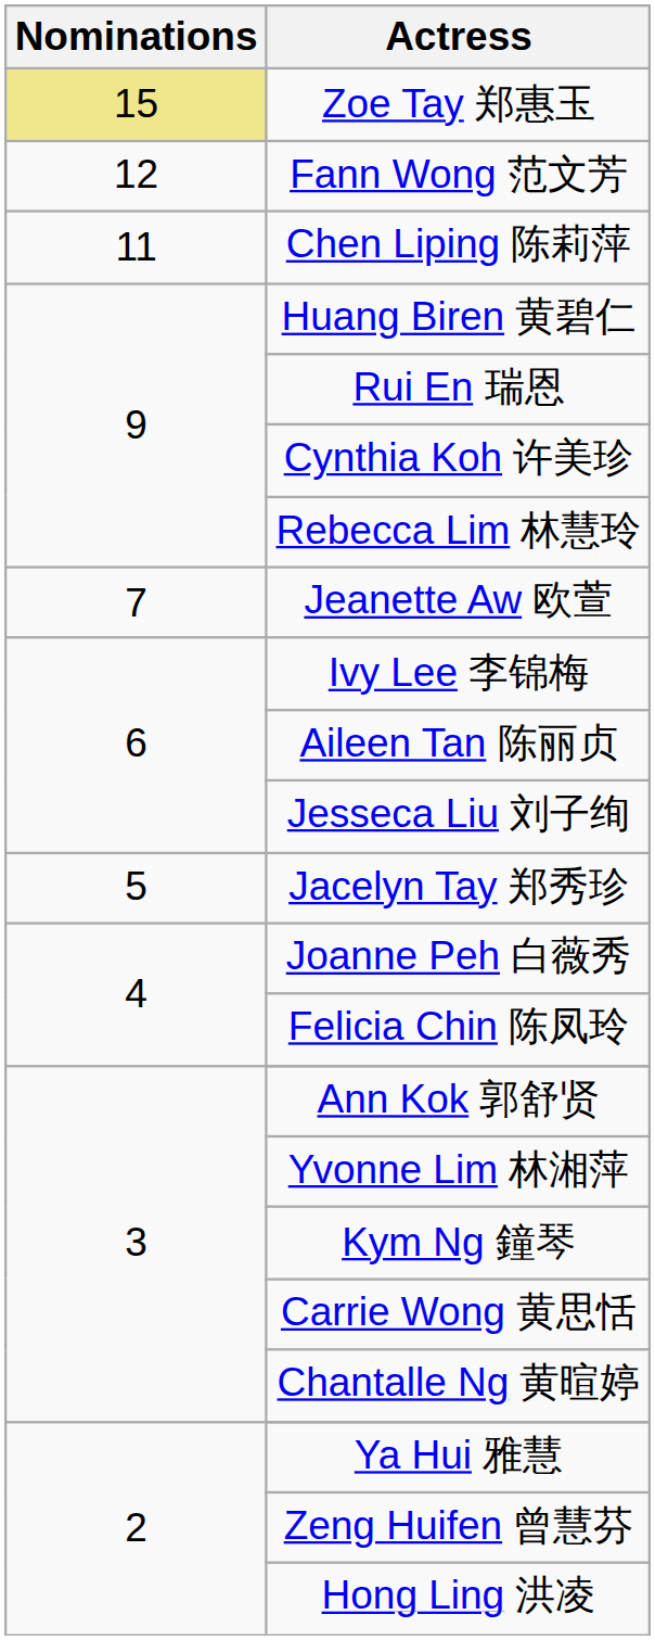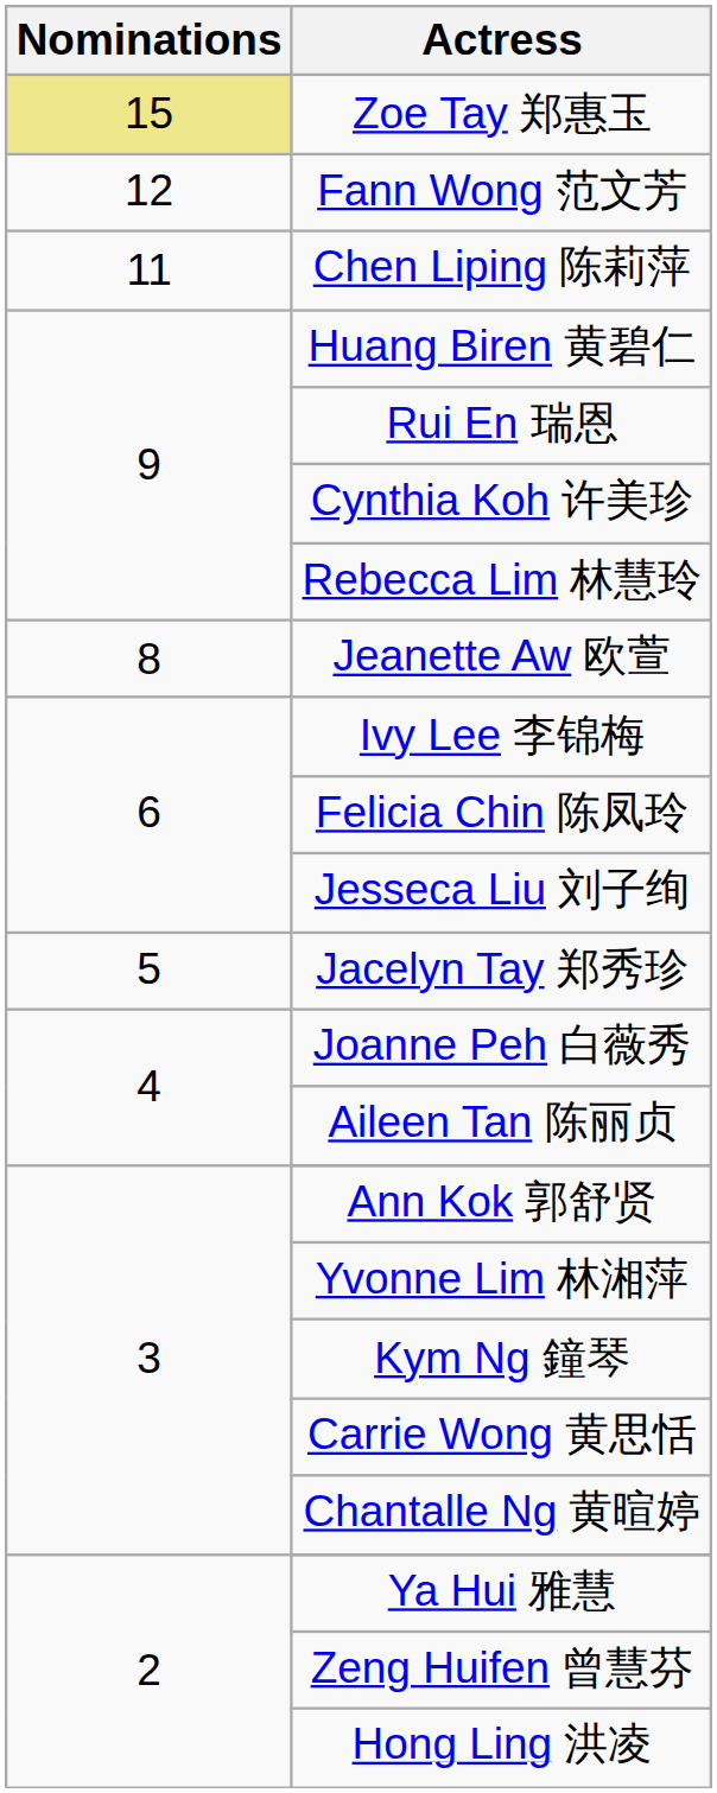 <table class="wikitable" style="text-align:center;">
 <tr>
 <th scope="col" width="55">Nominations</th>
 <th scope="col" align="center">Actress</th>
 </tr>
 <tr>
 <td style="background: khaki; text-align:center">15</td>
 <td><a href='#'>Zoe Tay</a> 郑惠玉</td>
 </tr>
 <tr>
 <td style="text-align:center">12</td>
 <td><a href='#'>Fann Wong</a> 范文芳</td>
 </tr>
 <tr>
 <td style="text-align:center">11</td>
 <td><a href='#'>Chen Liping</a> 陈莉萍</td>
 </tr>
 <tr>
 <td rowspan=4 style="text-align:center">9</td>
 <td><a href='#'>Huang Biren</a> 黄碧仁</td>
 </tr>
 <tr>
 <td><a href='#'>Rui En</a> 瑞恩</td>
 </tr>
 <tr>
 <td><a href='#'>Cynthia Koh</a> 许美珍</td>
 </tr>
 <tr>
 <td><a href='#'>Rebecca Lim</a> 林慧玲</td>
 </tr>
 <tr>
-<td style="text-align:center">7</td>
+<td style="text-align:center">8</td>
 <td><a href='#'>Jeanette Aw</a> 欧萱</td>
 </tr>
 <tr>
 <td rowspan=3 style="text-align:center">6</td>
 <td><a href='#'>Ivy Lee</a> 李锦梅</td>
 </tr>
 <tr>
-<td><a href='#'>Aileen Tan</a> 陈丽贞</td>
+<td><a href='#'>Felicia Chin</a> 陈凤玲</td>
 </tr>
 <tr>
 <td><a href='#'>Jesseca Liu</a> 刘子绚</td>
 </tr>
 <tr>
 <td style="text-align:center">5</td>
 <td><a href='#'>Jacelyn Tay</a> 郑秀珍</td>
 </tr>
 <tr>
 <td rowspan=2 style="text-align:center">4</td>
 <td><a href='#'>Joanne Peh</a> 白薇秀</td>
 </tr>
 <tr>
-<td><a href='#'>Felicia Chin</a> 陈凤玲</td>
+<td><a href='#'>Aileen Tan</a> 陈丽贞</td>
 </tr>
 <tr>
 <td rowspan=6 style="text-align:center">3</td>
 </tr>
 <tr>
 <td><a href='#'>Ann Kok</a> 郭舒贤</td>
 </tr>
 <tr>
 <td><a href='#'>Yvonne Lim</a> 林湘萍</td>
 </tr>
 <tr>
 <td><a href='#'>Kym Ng</a> 鐘琴</td>
 </tr>
 <tr>
 <td><a href='#'>Carrie Wong</a> 黄思恬</td>
 </tr>
 <tr>
 <td><a href='#'>Chantalle Ng</a> 黄暄婷</td>
 </tr>
 <tr>
 <td rowspan=4 style="text-align:center">2</td>
 </tr>
 <tr>
 <td><a href='#'>Ya Hui</a> 雅慧</td>
 </tr>
 <tr>
 <td><a href='#'>Zeng Huifen</a> 曾慧芬</td>
 </tr>
 <tr>
 <td><a href='#'>Hong Ling</a> 洪凌</td>
 </tr>
 </table>
